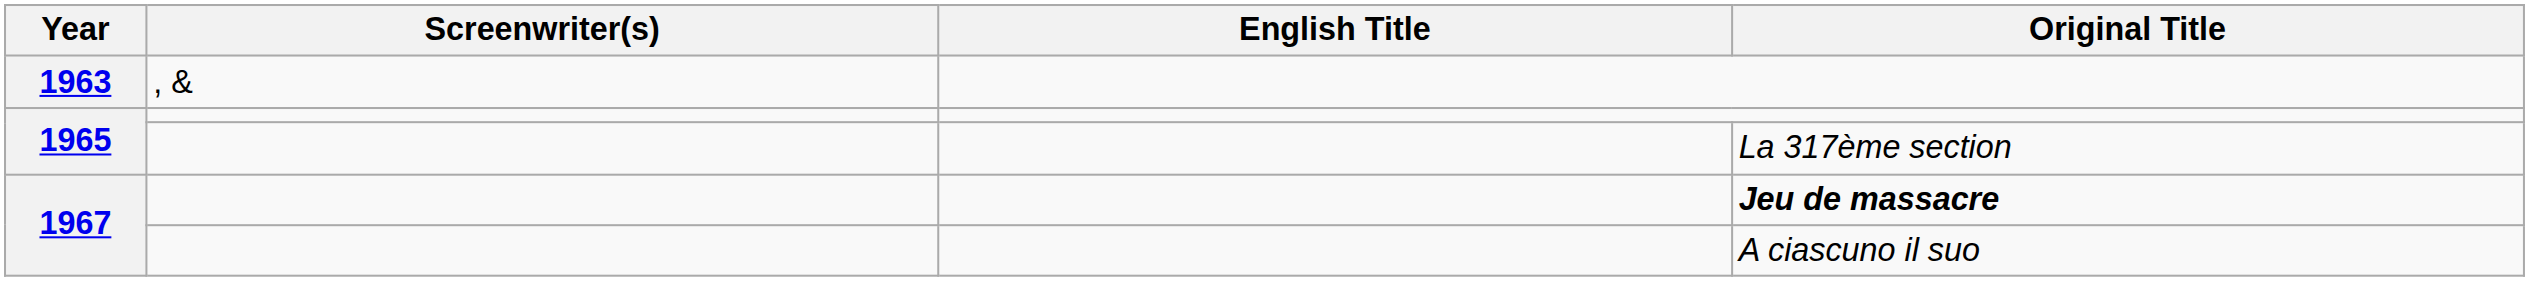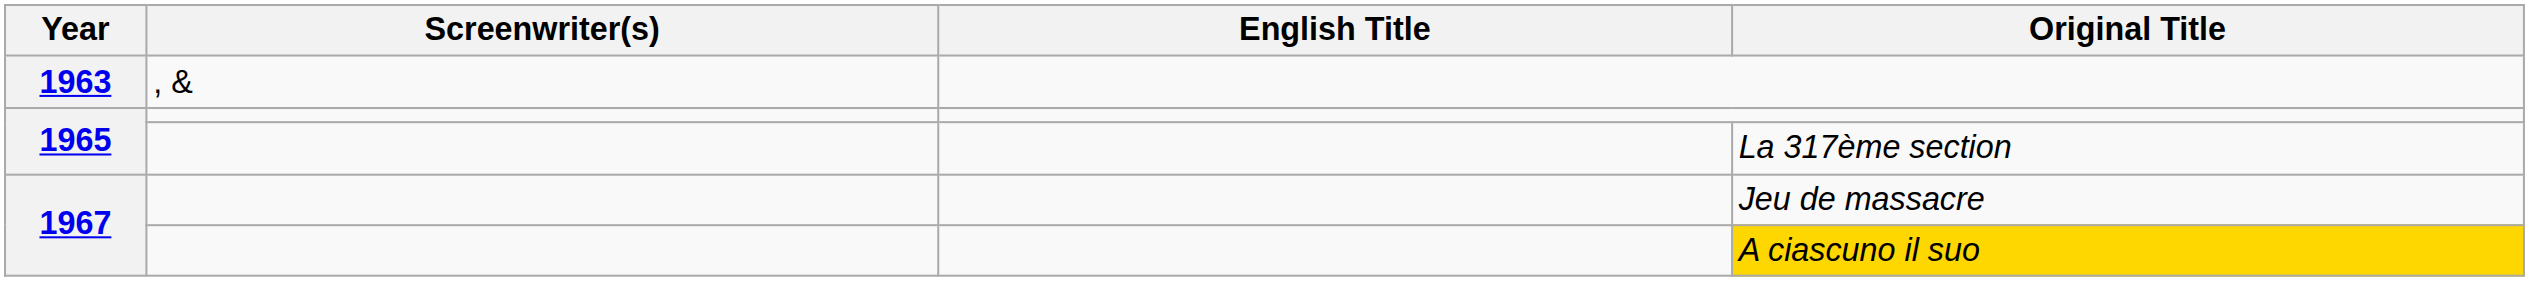 <table class="wikitable unsortable">
 <tr>
 <th scope="col" style="width:1%;">Year</th>
 <th scope="col" style="width:10%;">Screenwriter(s)</th>
 <th scope="col" style="width:10%;">English Title</th>
 <th scope="col" style="width:10%;" class="unsortable">Original Title</th>
 </tr>
 <tr>
 <th style="text-align:center;"><a href='#'>1963</a></th>
 <td>,  & </td>
 <td colspan="2"></td>
 </tr>
 <tr>
 <th rowspan="2" style="text-align:center;"><a href='#'>1965</a></th>
 <td></td>
 <td colspan="2"></td>
 </tr>
 <tr>
 <td></td>
 <td colspan="1"></td>
 <td><em>La 317ème section</em></td>
 </tr>
 <tr>
 <th rowspan="2" style="text-align:center;"><a href='#'>1967</a></th>
 <td></td>
 <td></td>
-<td><strong><em>Jeu de massacre</em></strong></td>
+<td><em>Jeu de massacre</em></td>
 </tr>
 <tr>
 <td></td>
 <td></td>
-<td><em>A ciascuno il suo</em></td>
+<td style="background: gold;"><em>A ciascuno il suo</em></td>
 </tr>
 </table>
